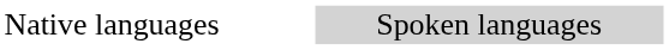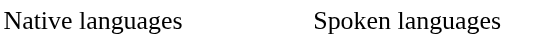 <table class="whitetable" style="text-align:center">
 <tr>
 <td width="32%"></td>
 <td width="2%"></td>
 <td width="32%"></td>
 </tr>
 <tr>
 <td>Native languages</td>
 <td></td>
-<td style="background: lightgrey;">Spoken languages</td>
+<td>Spoken languages</td>
 </tr>
 </table>
